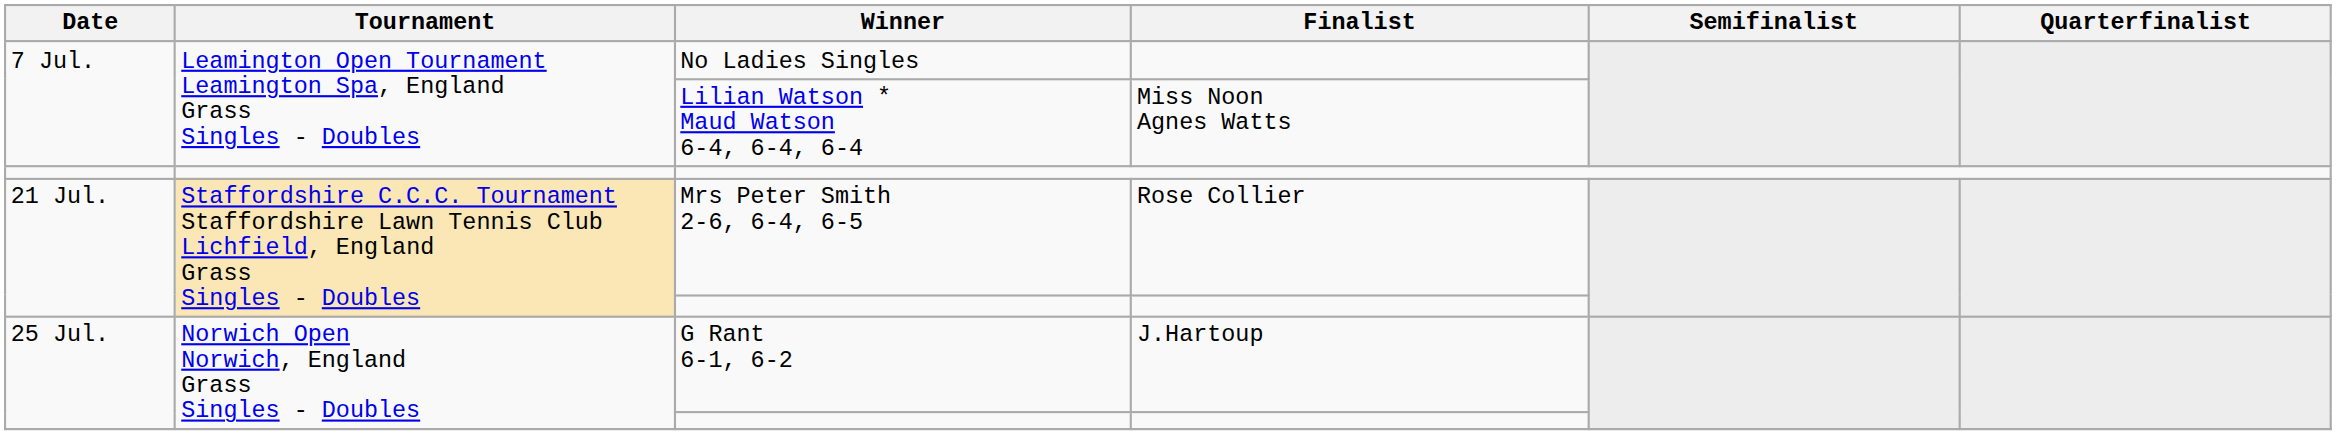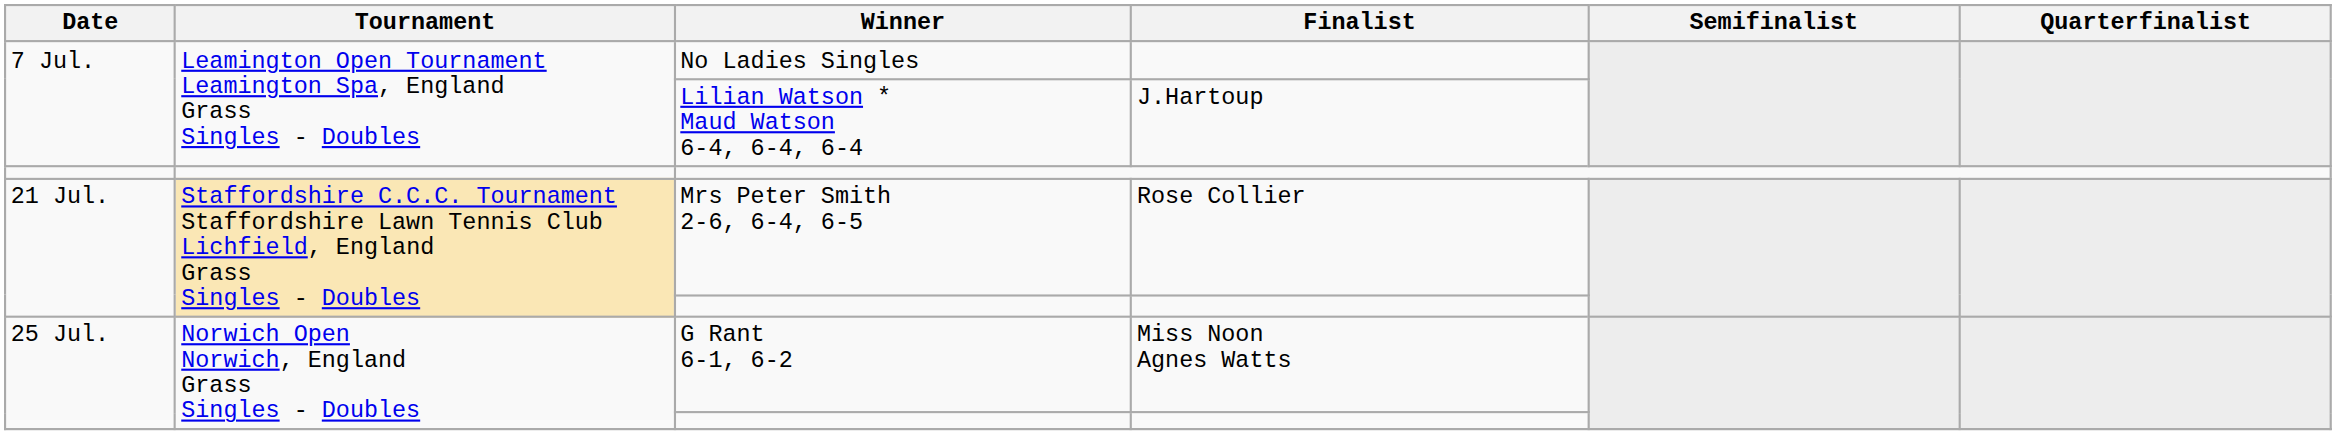 <table class="wikitable" style="font-size:85%;">
 <tr>
 <th width="75">Date</th>
 <th width="230">Tournament</th>
 <th width="210">Winner</th>
 <th width="210">Finalist</th>
 <th width="170">Semifinalist</th>
 <th width="170">Quarterfinalist</th>
 </tr>
 <tr valign=top>
 <td rowspan=2>7 Jul.</td>
 <td rowspan=2><a href='#'>Leamington Open Tournament</a><br><a href='#'>Leamington Spa</a>, England<br>Grass<br><a href='#'>Singles</a> - <a href='#'>Doubles</a></td>
 <td>No Ladies Singles</td>
 <td></td>
 <td style="background:#ededed;" rowspan=2></td>
 <td style="background:#ededed;" rowspan=2></td>
 </tr>
 <tr valign=top>
 <td> <a href='#'>Lilian Watson</a> *<br> <a href='#'>Maud Watson</a><br>6-4, 6-4, 6-4</td>
-<td> Miss Noon <br> Agnes Watts</td>
+<td> J.Hartoup</td>
 </tr>
 <tr valign=top>
 <td></td>
 <td></td>
 </tr>
 <tr valign=top>
 <td rowspan=2>21 Jul.</td>
 <td style="background:#fae7b5" rowspan=2><a href='#'>Staffordshire C.C.C. Tournament</a><br>Staffordshire Lawn Tennis Club<br><a href='#'>Lichfield</a>, England<br>Grass<br><a href='#'>Singles</a> - <a href='#'>Doubles</a></td>
 <td>  Mrs Peter Smith<br>2-6, 6-4, 6-5</td>
 <td> Rose Collier</td>
 <td style="background:#ededed;" rowspan=2></td>
 <td style="background:#ededed;" rowspan=2></td>
 </tr>
 <tr valign=top>
 <td></td>
 <td></td>
 </tr>
 <tr valign=top>
 <td rowspan=2>25 Jul.</td>
 <td rowspan=2><a href='#'>Norwich Open</a><br><a href='#'>Norwich</a>, England<br>Grass<br><a href='#'>Singles</a> - <a href='#'>Doubles</a></td>
 <td> G Rant<br>6-1, 6-2</td>
-<td> J.Hartoup</td>
+<td> Miss Noon <br> Agnes Watts</td>
 <td style="background:#ededed;" rowspan=2></td>
 <td style="background:#ededed;" rowspan=2></td>
 </tr>
 <tr valign=top>
 <td></td>
 <td></td>
 </tr>
 <tr valign=top>
 </tr>
 </table>
